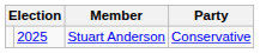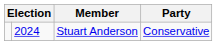 <table class="wikitable">
 <tr>
 <th colspan="2">Election</th>
 <th>Member</th>
 <th>Party</th>
 </tr>
 <tr>
 <td style="color:inherit;background-color: "></td>
-<td><a href='#'>2025</a></td>
+<td><a href='#'>2024</a></td>
 <td><a href='#'>Stuart Anderson</a></td>
 <td><a href='#'>Conservative</a></td>
 </tr>
 </table>
